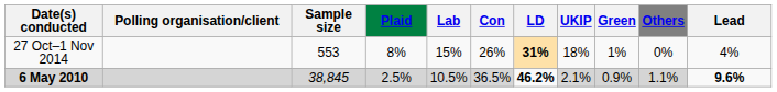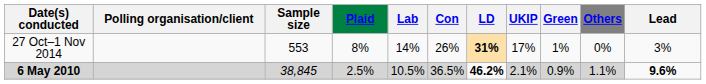 <table class="wikitable sortable" style="text-align:center;font-size:90%;line-height:14px">
 <tr>
 <th ! style="width:100px;">Date(s)<br>conducted</th>
 <th style="width:200px;">Polling organisation/client</th>
 <th class="unsortable" style="width:75px;">Sample size</th>
 <th class="unsortable" style="background:#008142; width:60px;"><a href='#'><span>Plaid</span></a></th>
 <th class="unsortable" style="background:"><a href='#'><span>Lab</span></a></th>
 <th class="unsortable" style="background:"><a href='#'><span>Con</span></a></th>
 <th class="unsortable" style="background:"><a href='#'><span>LD</span></a></th>
 <th class="unsortable" style="background:"><a href='#'><span>UKIP</span></a></th>
 <th class="unsortable" style="background:"><a href='#'><span>Green</span></a></th>
 <th class="unsortable" style="background:gray; width:60x;"><a href='#'><span>Others</span></a></th>
 <th class="unsortable" style="width:85px;">Lead</th>
 </tr>
 <tr>
 <td>27 Oct–1 Nov 2014</td>
 <td></td>
 <td>553</td>
 <td>8%</td>
-<td>15%</td>
+<td>14%</td>
 <td>26%</td>
 <td style="background:#FEE1A8"><strong>31%</strong></td>
-<td>18%</td>
+<td>17%</td>
 <td>1%</td>
 <td>0%</td>
-<td style="background:">4%</td>
+<td style="background:">3%</td>
 </tr>
 <tr>
 <td style="background:#D5D5D5"><strong>6 May 2010</strong></td>
 <td style="background:#D5D5D5"></td>
 <td style="background:#D5D5D5"><em>38,845</em></td>
 <td style="background:#D5D5D5">2.5%</td>
 <td style="background:#D5D5D5">10.5%</td>
 <td style="background:#D5D5D5">36.5%</td>
 <td style="background:"><strong>46.2%</strong></td>
 <td style="background:#D5D5D5">2.1%</td>
 <td style="background:#D5D5D5">0.9%</td>
 <td style="background:#D5D5D5">1.1%</td>
 <td style="background:"><strong>9.6% </strong></td>
 </tr>
 </table>
